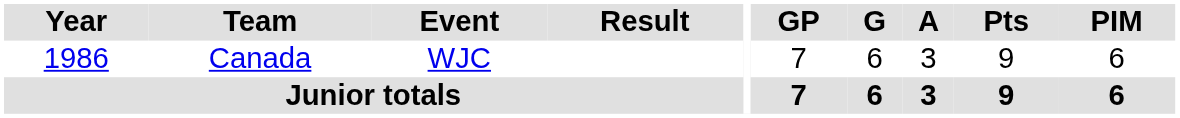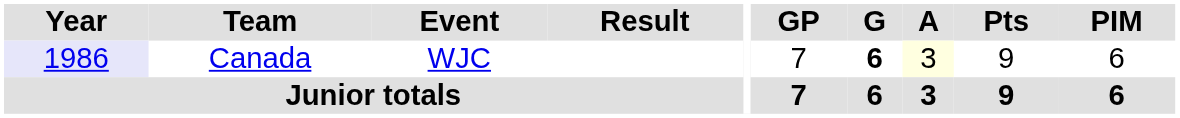 <table border="0" cellpadding="1" cellspacing="0" ID="Table3" style="text-align:center; width:40em">
 <tr ALIGN="center" bgcolor="#e0e0e0">
 <th>Year</th>
 <th>Team</th>
 <th>Event</th>
 <th>Result</th>
 <th rowspan="99" bgcolor="#ffffff"></th>
 <th>GP</th>
 <th>G</th>
 <th>A</th>
 <th>Pts</th>
 <th>PIM</th>
 </tr>
 <tr>
-<td><a href='#'>1986</a></td>
+<td style="background: lavender;"><a href='#'>1986</a></td>
 <td><a href='#'>Canada</a></td>
 <td><a href='#'>WJC</a></td>
 <td></td>
 <td>7</td>
-<td>6</td>
-<td>3</td>
+<td><strong>6</strong></td>
+<td style="background: lightyellow;">3</td>
 <td>9</td>
 <td>6</td>
 </tr>
 <tr bgcolor="#e0e0e0">
 <th colspan="4">Junior totals</th>
 <th>7</th>
 <th>6</th>
 <th>3</th>
 <th>9</th>
 <th>6</th>
 </tr>
 </table>
